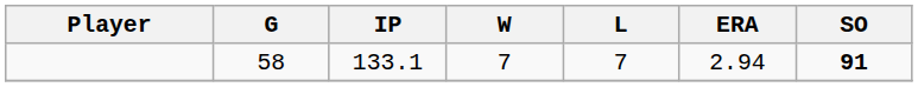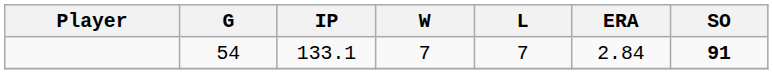 <table class="wikitable sortable">
 <tr>
 <th bgcolor="#DDDDFF" width="16%">Player</th>
 <th bgcolor="#DDDDFF" width="9%">G</th>
 <th bgcolor="#DDDDFF" width="9%">IP</th>
 <th bgcolor="#DDDDFF" width="9%">W</th>
 <th bgcolor="#DDDDFF" width="9%">L</th>
 <th bgcolor="#DDDDFF" width="9%">ERA</th>
 <th bgcolor="#DDDDFF" width="9%">SO</th>
 </tr>
 <tr align="center">
 <td></td>
-<td>58</td>
+<td>54</td>
 <td>133.1</td>
 <td>7</td>
 <td>7</td>
-<td>2.94</td>
+<td>2.84</td>
 <td><strong>91</strong></td>
 </tr>
 <tr align="center">
 </tr>
 </table>
